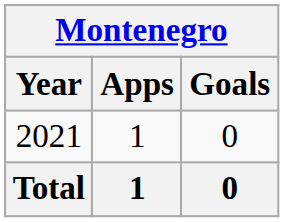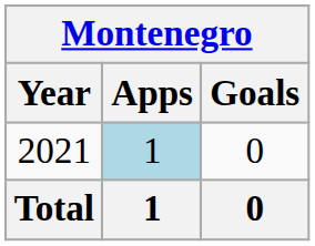 <table class="wikitable" style="text-align:center">
 <tr>
 <th colspan=3><a href='#'>Montenegro</a></th>
 </tr>
 <tr>
 <th>Year</th>
 <th>Apps</th>
 <th>Goals</th>
 </tr>
 <tr>
 <td>2021</td>
-<td>1</td>
+<td style="background: lightblue;">1</td>
 <td>0</td>
 </tr>
 <tr>
 <th>Total</th>
 <th>1</th>
 <th>0</th>
 </tr>
 </table>
